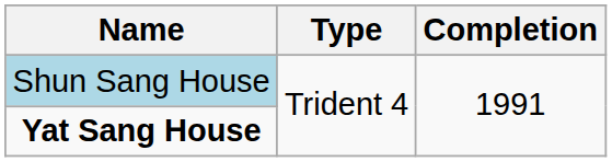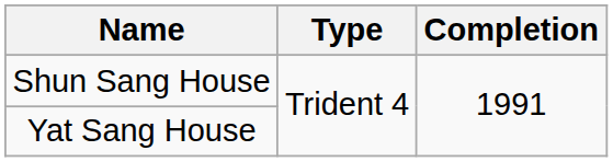 <table class="wikitable" style="text-align: center">
 <tr>
 <th>Name</th>
 <th>Type</th>
 <th>Completion</th>
 </tr>
 <tr>
-<td style="background: lightblue;">Shun Sang House</td>
+<td>Shun Sang House</td>
 <td rowspan="2">Trident 4</td>
 <td rowspan="2">1991</td>
 </tr>
 <tr>
-<td><strong>Yat Sang House</strong></td>
+<td>Yat Sang House</td>
 </tr>
 </table>
